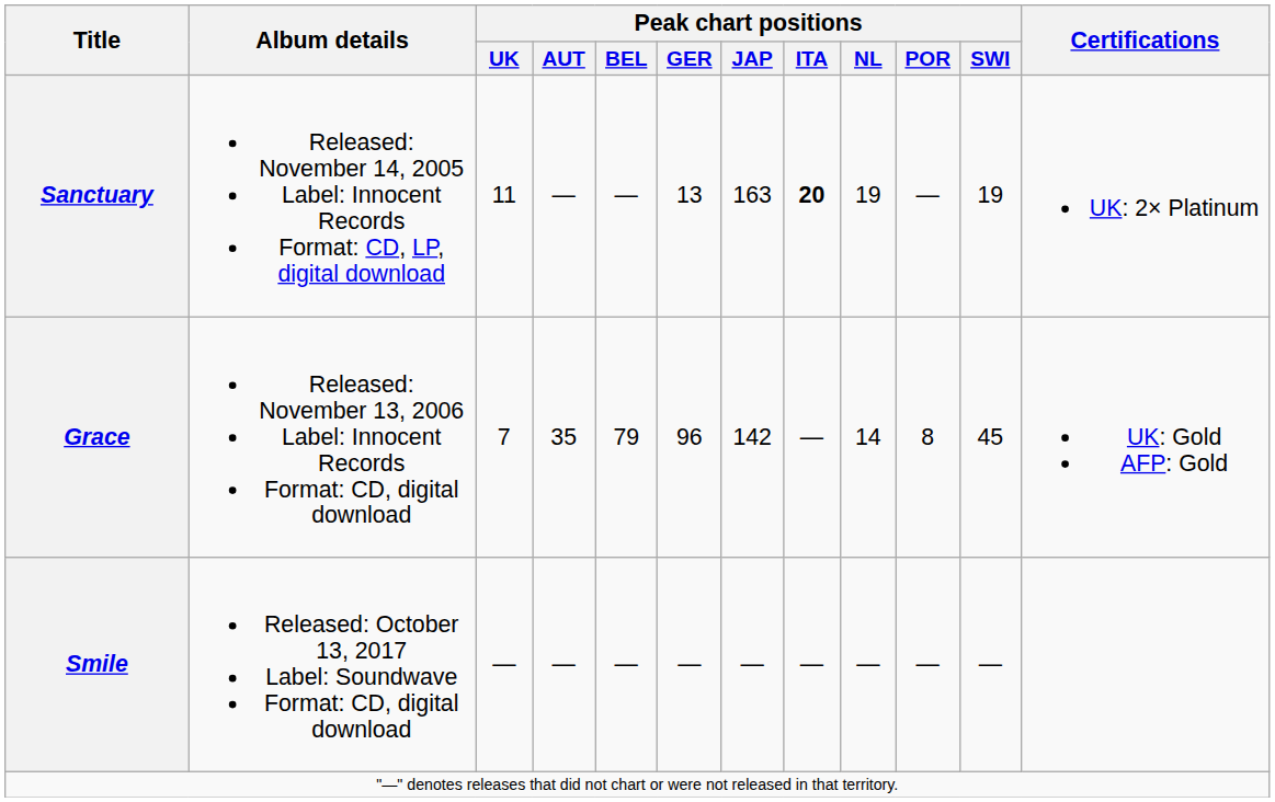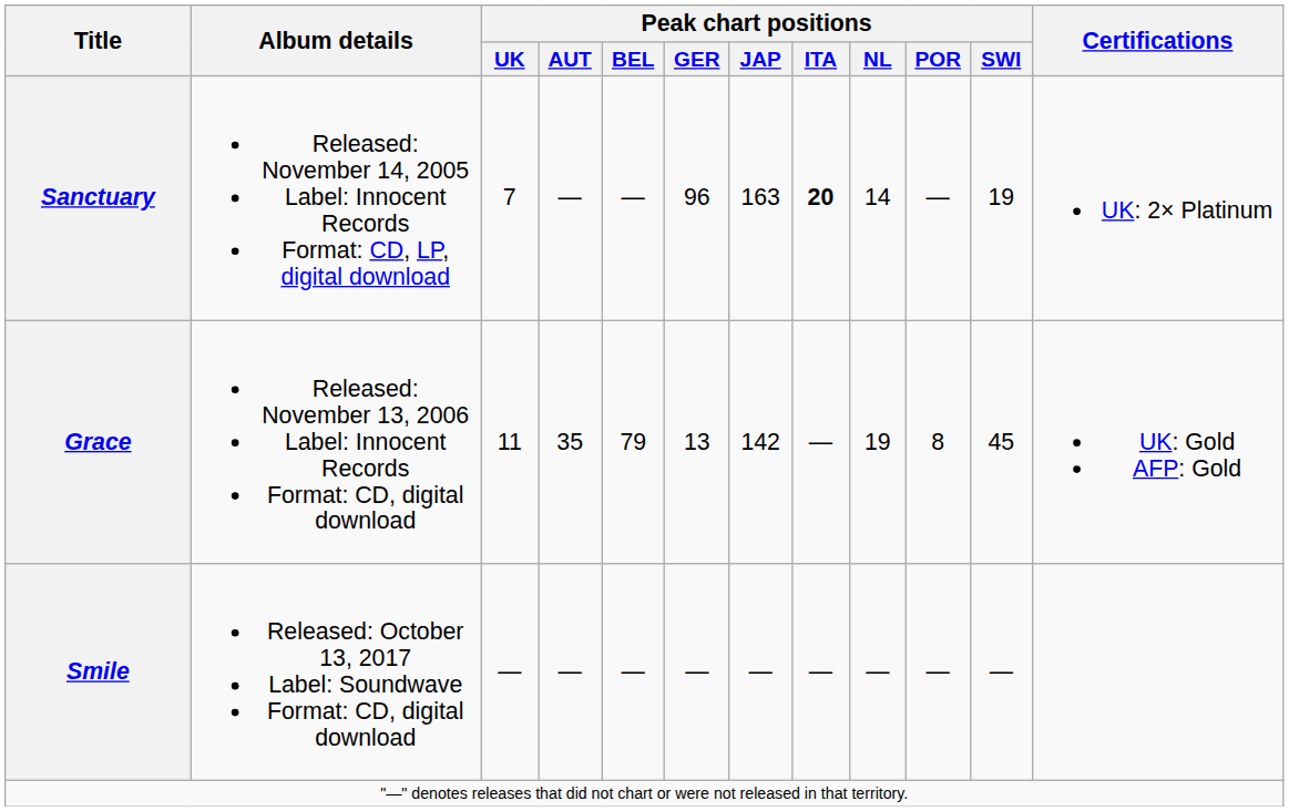 <table class="wikitable plainrowheaders" style="text-align:center;" border="1">
 <tr>
 <th scope="col" rowspan="2" style="width:10em;">Title</th>
 <th scope="col" rowspan="2" style="width:16em;">Album details</th>
 <th scope="col" colspan="9">Peak chart positions</th>
 <th scope="col" rowspan="2" style="width:14em;"><a href='#'>Certifications</a></th>
 </tr>
 <tr>
 <th scope="col" style="width:3em;font-size:90%;"><a href='#'>UK</a><br></th>
 <th scope="col" style="width:3em;font-size:90%;"><a href='#'>AUT</a><br></th>
 <th scope="col" style="width:3em;font-size:90%;"><a href='#'>BEL</a><br></th>
 <th scope="col" style="width:3em;font-size:90%;"><a href='#'>GER</a><br></th>
 <th scope="col" style="width:3em;font-size:90%;"><a href='#'>JAP</a><br></th>
 <th scope="col" style="width:3em;font-size:90%;"><a href='#'>ITA</a><br></th>
 <th scope="col" style="width:3em;font-size:90%;"><a href='#'>NL</a><br></th>
 <th scope="col" style="width:3em;font-size:90%;"><a href='#'>POR</a><br></th>
 <th scope="col" style="width:3em;font-size:90%;"><a href='#'>SWI</a><br></th>
 </tr>
 <tr>
 <th scope="row"><em><a href='#'>Sanctuary</a></em></th>
 <td><br><ul><li>Released: November 14, 2005</li><li>Label: Innocent Records</li><li>Format: <a href='#'>CD</a>, <a href='#'>LP</a>, <a href='#'>digital download</a></li></ul></td>
-<td>11</td>
+<td>7</td>
 <td>—</td>
 <td>—</td>
-<td>13</td>
+<td>96</td>
 <td>163</td>
 <td><strong>20</strong></td>
-<td>19</td>
+<td>14</td>
 <td>—</td>
 <td>19</td>
 <td><br><ul><li><a href='#'>UK</a>: 2× Platinum</li></ul></td>
 </tr>
 <tr>
 <th scope="row"><em><a href='#'>Grace</a></em></th>
 <td><br><ul><li>Released: November 13, 2006</li><li>Label: Innocent Records</li><li>Format: CD, digital download</li></ul></td>
-<td>7</td>
+<td>11</td>
 <td>35</td>
 <td>79</td>
-<td>96</td>
+<td>13</td>
 <td>142</td>
 <td>—</td>
-<td>14</td>
+<td>19</td>
 <td>8</td>
 <td>45</td>
 <td><br><ul><li><a href='#'>UK</a>: Gold</li><li><a href='#'>AFP</a>: Gold</li></ul></td>
 </tr>
 <tr>
 <th scope="row"><em><a href='#'>Smile</a></em></th>
 <td><br><ul><li>Released: October 13, 2017</li><li>Label: Soundwave</li><li>Format: CD, digital download</li></ul></td>
 <td>—</td>
 <td>—</td>
 <td>—</td>
 <td>—</td>
 <td>—</td>
 <td>—</td>
 <td>—</td>
 <td>—</td>
 <td>—</td>
 <td></td>
 </tr>
 <tr>
 <td align="center" colspan="15" style="font-size:8pt">"—" denotes releases that did not chart or were not released in that territory.</td>
 </tr>
 </table>
